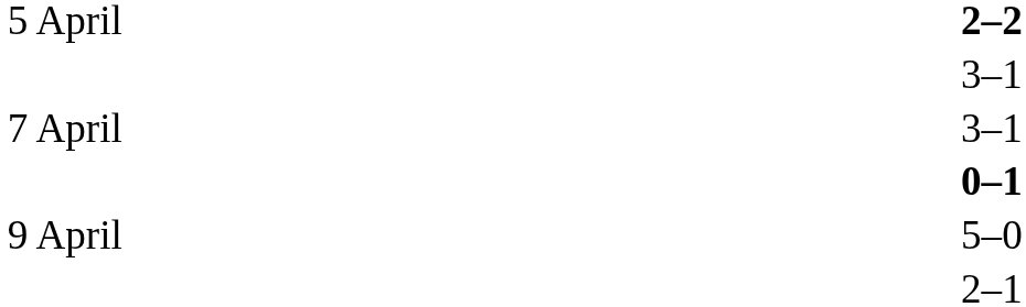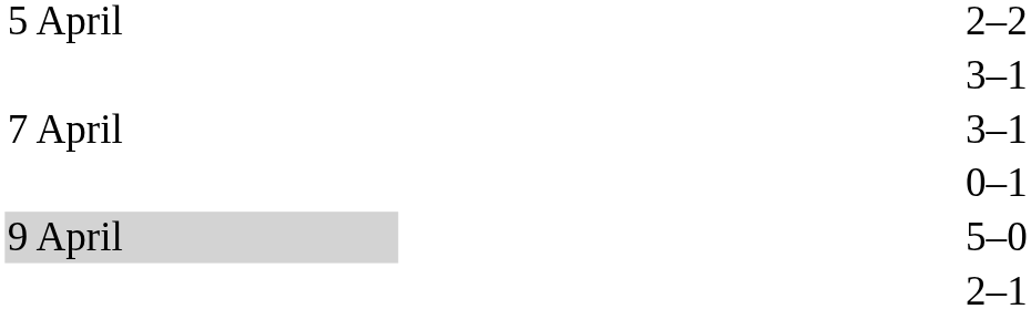 <table cellspacing=1 width=70%>
 <tr>
 <th width=25%></th>
 <th width=30%></th>
 <th width=15%></th>
 <th width=30%></th>
 </tr>
 <tr>
 <td>5 April</td>
 <td align=right></td>
-<td align=center><strong>2–2</strong></td>
+<td align=center>2–2</td>
 <td></td>
 </tr>
 <tr>
 <td></td>
 <td align=right></td>
 <td align=center>3–1</td>
 <td></td>
 </tr>
 <tr>
 <td>7 April</td>
 <td align=right></td>
 <td align=center>3–1</td>
 <td></td>
 </tr>
 <tr>
 <td></td>
 <td align=right></td>
-<td align=center><strong>0–1</strong></td>
+<td align=center>0–1</td>
 <td></td>
 </tr>
 <tr>
-<td>9 April</td>
+<td style="background: lightgrey;">9 April</td>
 <td align=right></td>
 <td align=center>5–0</td>
 <td></td>
 </tr>
 <tr>
 <td></td>
 <td align=right></td>
 <td align=center>2–1</td>
 <td></td>
 </tr>
 </table>
